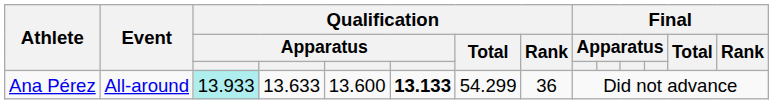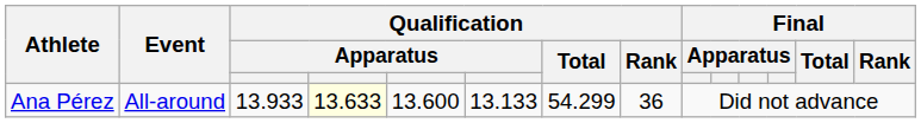 <table class="wikitable" style="font-size:90%">
 <tr>
 <th rowspan=3>Athlete</th>
 <th rowspan=3>Event</th>
 <th colspan=6>Qualification</th>
 <th colspan=6>Final</th>
 </tr>
 <tr style="font-size:95%">
 <th colspan=4>Apparatus</th>
 <th rowspan=2>Total</th>
 <th rowspan=2>Rank</th>
 <th colspan=4>Apparatus</th>
 <th rowspan=2>Total</th>
 <th rowspan=2>Rank</th>
 </tr>
 <tr style="font-size:95%">
 <th></th>
 <th></th>
 <th></th>
 <th></th>
 <th></th>
 <th></th>
 <th></th>
 <th></th>
 </tr>
 <tr align=center>
 <td align=left><a href='#'>Ana Pérez</a></td>
 <td align=left><a href='#'>All-around</a></td>
-<td style="background: paleturquoise;">13.933</td>
-<td>13.633</td>
+<td>13.933</td>
+<td style="background: lightyellow;">13.633</td>
 <td>13.600</td>
-<td><strong>13.133</strong></td>
+<td>13.133</td>
 <td>54.299</td>
 <td>36</td>
 <td colspan=6>Did not advance</td>
 </tr>
 </table>
